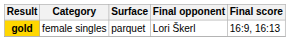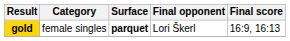 <table class=wikitable>
 <tr>
 <th>Result</th>
 <th>Category</th>
 <th>Surface</th>
 <th>Final opponent</th>
 <th>Final score</th>
 </tr>
 <tr bgcolor=white>
 <th style="background:gold;"><strong>gold</strong></th>
 <td>female singles</td>
-<td>parquet</td>
+<td><strong>parquet</strong></td>
 <td> Lori Škerl</td>
 <td>16:9, 16:13</td>
 </tr>
 <tr bgcolor=moccasin>
 </tr>
 </table>
